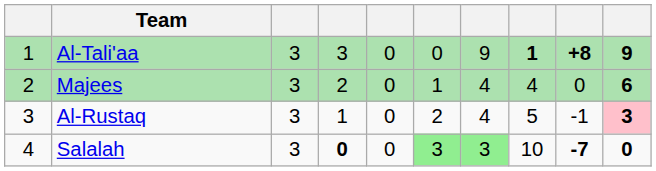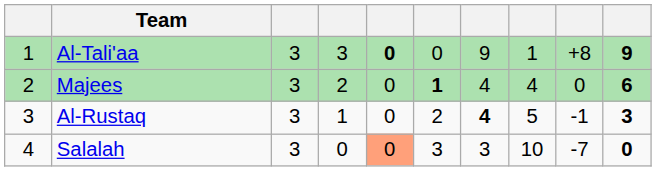 <table class="wikitable" style="text-align: center;">
 <tr>
 <th width=30></th>
 <th width=165>Team</th>
 <th width=30></th>
 <th width=30></th>
 <th width=30></th>
 <th width=30></th>
 <th width=30></th>
 <th width=30></th>
 <th width=30></th>
 <th width=30></th>
 </tr>
 <tr bgcolor=#ACE1AF>
 <td>1</td>
 <td align=left><a href='#'>Al-Tali'aa</a></td>
 <td>3</td>
 <td>3</td>
-<td>0</td>
+<td><strong>0</strong></td>
 <td>0</td>
 <td>9</td>
-<td><strong>1</strong></td>
-<td><strong>+8</strong></td>
+<td>1</td>
+<td>+8</td>
 <td><strong>9</strong></td>
 </tr>
 <tr bgcolor=#ACE1AF>
 <td>2</td>
 <td align=left><a href='#'>Majees</a></td>
 <td>3</td>
 <td>2</td>
 <td>0</td>
-<td>1</td>
+<td><strong>1</strong></td>
 <td>4</td>
 <td>4</td>
 <td>0</td>
 <td><strong>6</strong></td>
 </tr>
 <tr>
 <td>3</td>
 <td align=left><a href='#'>Al-Rustaq</a></td>
 <td>3</td>
 <td>1</td>
 <td>0</td>
 <td>2</td>
-<td>4</td>
+<td><strong>4</strong></td>
 <td>5</td>
 <td>-1</td>
-<td style="background: pink;"><strong>3</strong></td>
+<td><strong>3</strong></td>
 </tr>
 <tr>
 <td>4</td>
 <td align=left><a href='#'>Salalah</a></td>
 <td>3</td>
-<td><strong>0</strong></td>
 <td>0</td>
-<td style="background: lightgreen;">3</td>
-<td style="background: lightgreen;">3</td>
+<td style="background: lightsalmon;">0</td>
+<td>3</td>
+<td>3</td>
 <td>10</td>
-<td><strong>-7</strong></td>
+<td>-7</td>
 <td><strong>0</strong></td>
 </tr>
 </table>
